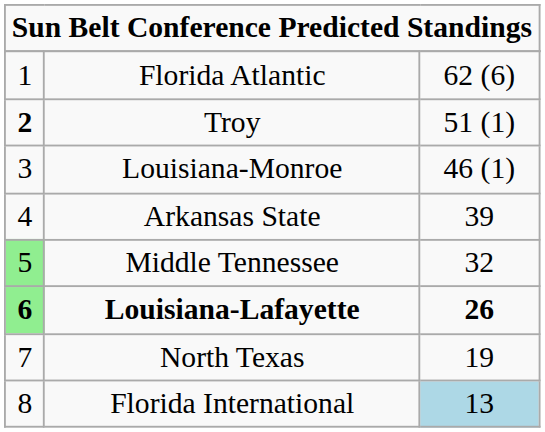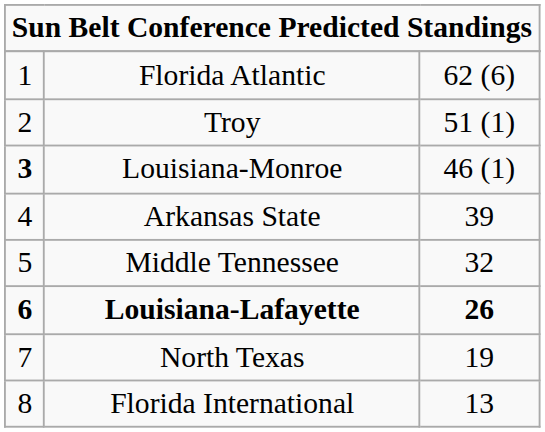 <table class= "wikitable">
 <tr align="center">
 <td align="center" Colspan="3"><strong>Sun Belt Conference Predicted Standings</strong></td>
 </tr>
 <tr align="center">
 </tr>
 <tr align="center">
 <td>1</td>
 <td>Florida Atlantic</td>
 <td>62 (6)</td>
 </tr>
 <tr align="center">
-<td><strong>2</strong></td>
+<td>2</td>
 <td>Troy</td>
 <td>51 (1)</td>
 </tr>
 <tr align="center">
-<td>3</td>
+<td><strong>3</strong></td>
 <td>Louisiana-Monroe</td>
 <td>46 (1)</td>
 </tr>
 <tr align="center">
 <td>4</td>
 <td>Arkansas State</td>
 <td>39</td>
 </tr>
 <tr align="center">
-<td style="background: lightgreen;">5</td>
+<td>5</td>
 <td>Middle Tennessee</td>
 <td>32</td>
 </tr>
 <tr align="center">
-<td style="background: lightgreen;"><strong>6</strong></td>
+<td><strong>6</strong></td>
 <td><strong>Louisiana-Lafayette</strong></td>
 <td><strong>26</strong></td>
 </tr>
 <tr align="center">
 <td>7</td>
 <td>North Texas</td>
 <td>19</td>
 </tr>
 <tr align="center">
 <td>8</td>
 <td>Florida International</td>
-<td style="background: lightblue;">13</td>
+<td>13</td>
 </tr>
 </table>
